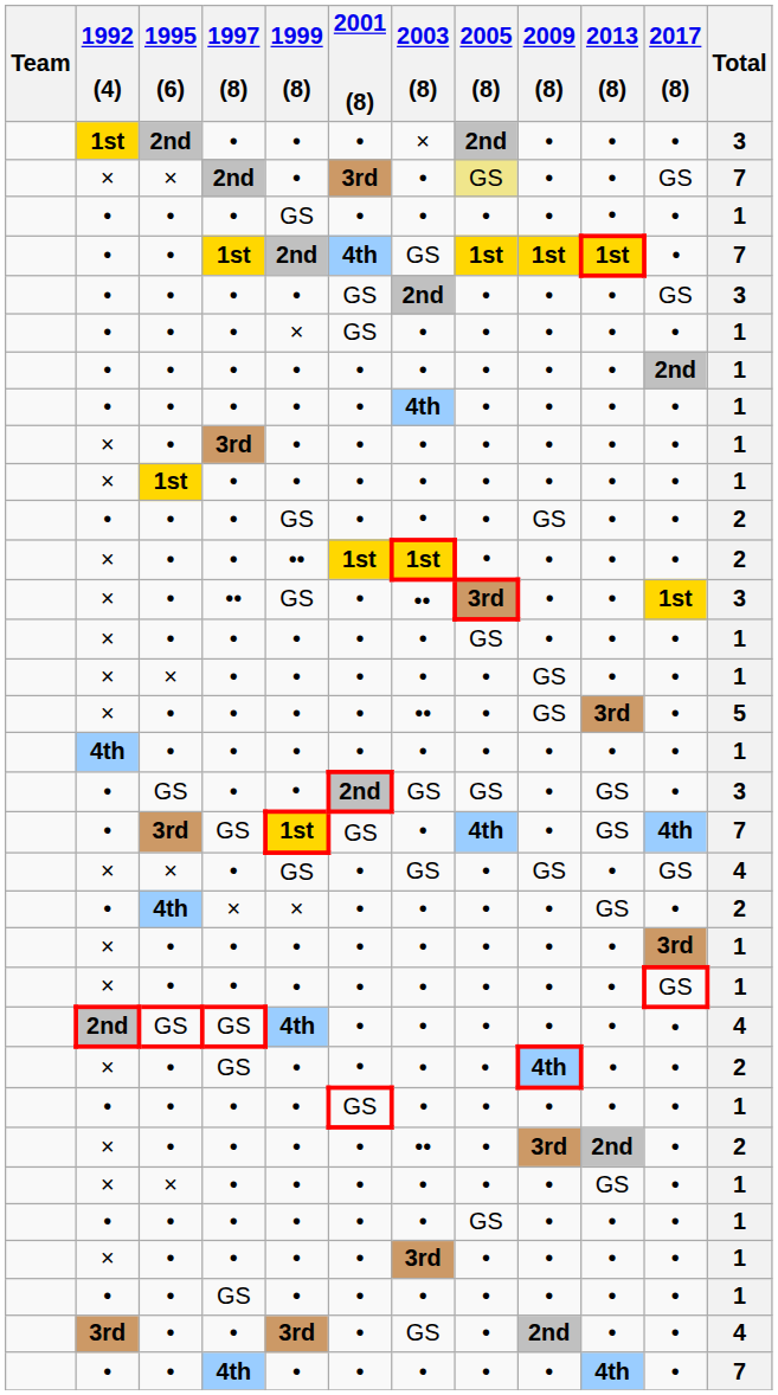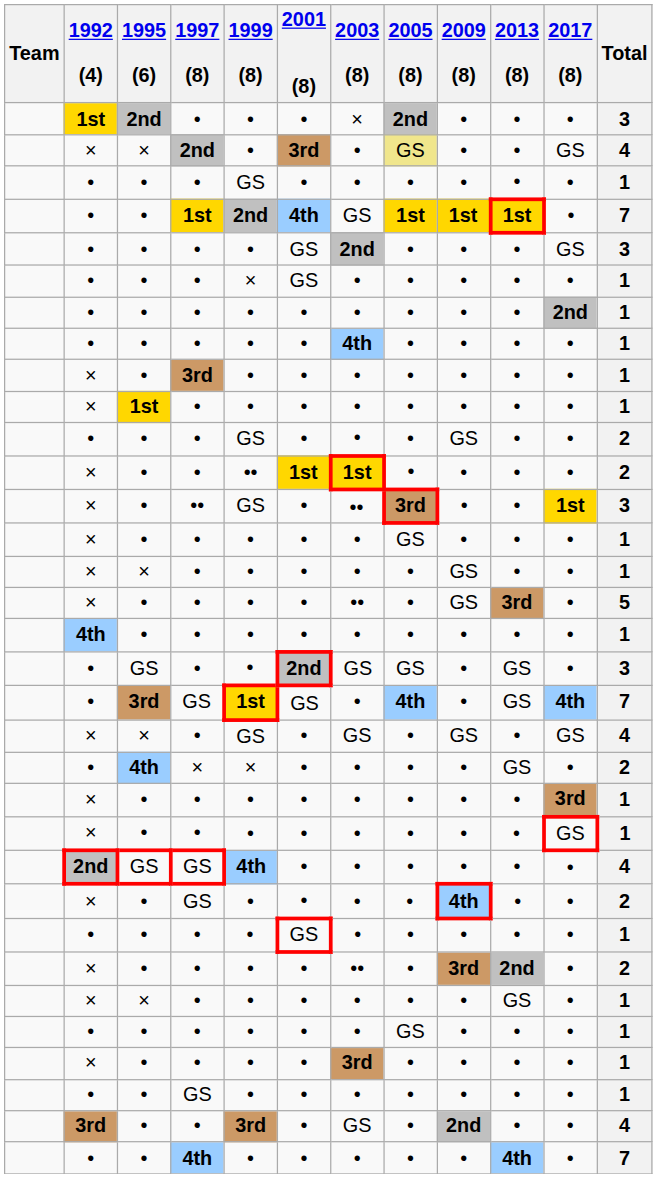 <table class="wikitable" style="text-align: center">
 <tr>
 <th>Team</th>
 <th><a href='#'>1992</a><br><br>(4)</th>
 <th><a href='#'>1995</a><br><br>(6)</th>
 <th><a href='#'>1997</a><br><br>(8)</th>
 <th><a href='#'>1999</a><br><br>(8)</th>
 <th><a href='#'>2001</a><br><br><br>(8)</th>
 <th><a href='#'>2003</a><br><br>(8)</th>
 <th><a href='#'>2005</a><br><br>(8)</th>
 <th><a href='#'>2009</a><br><br>(8)</th>
 <th><a href='#'>2013</a><br><br>(8)</th>
 <th><a href='#'>2017</a><br><br>(8)</th>
 <th>Total</th>
 </tr>
 <tr>
 <td align="left"></td>
 <td bgcolor="Gold"><strong>1st</strong></td>
 <td bgcolor="Silver"><strong>2nd</strong></td>
 <td>•</td>
 <td>•</td>
 <td>•</td>
 <td>×</td>
 <td bgcolor="Silver"><strong>2nd</strong></td>
 <td>•</td>
 <td>•</td>
 <td>•</td>
 <th>3</th>
 </tr>
 <tr>
 <td align=left></td>
 <td>×</td>
 <td>×</td>
 <td bgcolor=Silver><strong>2nd</strong></td>
 <td>•</td>
 <td bgcolor=cc9966><strong>3rd</strong></td>
 <td>•</td>
 <td style="background: khaki;">GS</td>
 <td>•</td>
 <td>•</td>
 <td>GS</td>
-<th>7</th>
+<th>4</th>
 </tr>
 <tr>
 <td align="left"></td>
 <td>•</td>
 <td>•</td>
 <td>•</td>
 <td>GS</td>
 <td>•</td>
 <td>•</td>
 <td>•</td>
 <td>•</td>
 <td>•</td>
 <td>•</td>
 <th>1</th>
 </tr>
 <tr>
 <td align="left"></td>
 <td>•</td>
 <td>•</td>
 <td bgcolor="Gold"><strong>1st</strong></td>
 <td bgcolor="Silver"><strong>2nd</strong></td>
 <td bgcolor="9acdff"><strong>4th</strong></td>
 <td>GS</td>
 <td bgcolor="Gold"><strong>1st</strong></td>
 <td bgcolor="Gold"><strong>1st</strong></td>
 <td style="border:3px solid red" bgcolor="Gold"><strong>1st</strong></td>
 <td>•</td>
 <th>7</th>
 </tr>
 <tr>
 <td align="left"></td>
 <td>•</td>
 <td>•</td>
 <td>•</td>
 <td>•</td>
 <td>GS</td>
 <td bgcolor="Silver"><strong>2nd</strong></td>
 <td>•</td>
 <td>•</td>
 <td>•</td>
 <td>GS</td>
 <th>3</th>
 </tr>
 <tr>
 <td align="left"></td>
 <td>•</td>
 <td>•</td>
 <td>•</td>
 <td>×</td>
 <td>GS</td>
 <td>•</td>
 <td>•</td>
 <td>•</td>
 <td>•</td>
 <td>•</td>
 <th>1</th>
 </tr>
 <tr>
 <td align="left"></td>
 <td>•</td>
 <td>•</td>
 <td>•</td>
 <td>•</td>
 <td>•</td>
 <td>•</td>
 <td>•</td>
 <td>•</td>
 <td>•</td>
 <td bgcolor="Silver"><strong>2nd</strong></td>
 <th>1</th>
 </tr>
 <tr>
 <td align="left"></td>
 <td>•</td>
 <td>•</td>
 <td>•</td>
 <td>•</td>
 <td>•</td>
 <td bgcolor="9acdff"><strong>4th</strong></td>
 <td>•</td>
 <td>•</td>
 <td>•</td>
 <td>•</td>
 <th>1</th>
 </tr>
 <tr>
 <td align="left"></td>
 <td>×</td>
 <td>•</td>
 <td bgcolor="cc9966"><strong>3rd</strong></td>
 <td>•</td>
 <td>•</td>
 <td>•</td>
 <td>•</td>
 <td>•</td>
 <td>•</td>
 <td>•</td>
 <th>1</th>
 </tr>
 <tr>
 <td align="left"></td>
 <td>×</td>
 <td bgcolor="Gold"><strong>1st</strong></td>
 <td>•</td>
 <td>•</td>
 <td>•</td>
 <td>•</td>
 <td>•</td>
 <td>•</td>
 <td>•</td>
 <td>•</td>
 <th>1</th>
 </tr>
 <tr>
 <td align="left"></td>
 <td>•</td>
 <td>•</td>
 <td>•</td>
 <td>GS</td>
 <td>•</td>
 <td>•</td>
 <td>•</td>
 <td>GS</td>
 <td>•</td>
 <td>•</td>
 <th>2</th>
 </tr>
 <tr>
 <td align="left"></td>
 <td>×</td>
 <td>•</td>
 <td>•</td>
 <td>••</td>
 <td bgcolor="Gold"><strong>1st</strong></td>
 <td style="border:3px solid red" bgcolor="Gold"><strong>1st</strong></td>
 <td>•</td>
 <td>•</td>
 <td>•</td>
 <td>•</td>
 <th>2</th>
 </tr>
 <tr>
 <td align="left"></td>
 <td>×</td>
 <td>•</td>
 <td>••</td>
 <td>GS</td>
 <td>•</td>
 <td>••</td>
 <td style="border:3px solid red" bgcolor="cc9966"><strong>3rd</strong></td>
 <td>•</td>
 <td>•</td>
 <td bgcolor="Gold"><strong>1st</strong></td>
 <th>3</th>
 </tr>
 <tr>
 <td align="left"></td>
 <td>×</td>
 <td>•</td>
 <td>•</td>
 <td>•</td>
 <td>•</td>
 <td>•</td>
 <td>GS</td>
 <td>•</td>
 <td>•</td>
 <td>•</td>
 <th>1</th>
 </tr>
 <tr>
 <td align=left></td>
 <td>×</td>
 <td>×</td>
 <td>•</td>
 <td>•</td>
 <td>•</td>
 <td>•</td>
 <td>•</td>
 <td>GS</td>
 <td>•</td>
 <td>•</td>
 <th>1</th>
 </tr>
 <tr>
 <td align="left"></td>
 <td>×</td>
 <td>•</td>
 <td>•</td>
 <td>•</td>
 <td>•</td>
 <td>••</td>
 <td>•</td>
 <td>GS</td>
 <td bgcolor="cc9966"><strong>3rd</strong></td>
 <td>•</td>
 <th>5</th>
 </tr>
 <tr>
 <td align="left"></td>
 <td bgcolor="9acdff"><strong>4th</strong></td>
 <td>•</td>
 <td>•</td>
 <td>•</td>
 <td>•</td>
 <td>•</td>
 <td>•</td>
 <td>•</td>
 <td>•</td>
 <td>•</td>
 <th>1</th>
 </tr>
 <tr>
 <td align=left></td>
 <td>•</td>
 <td>GS</td>
 <td>•</td>
 <td>•</td>
 <td style="border:3px solid red"  bgcolor=Silver><strong>2nd</strong></td>
 <td>GS</td>
 <td>GS</td>
 <td>•</td>
 <td>GS</td>
 <td>•</td>
 <th>3</th>
 </tr>
 <tr>
 <td align="left"></td>
 <td>•</td>
 <td bgcolor="cc9966"><strong>3rd</strong></td>
 <td>GS</td>
 <td style="border:3px solid red" bgcolor="Gold"><strong>1st</strong></td>
 <td>GS</td>
 <td>•</td>
 <td bgcolor="9acdff"><strong>4th</strong></td>
 <td>•</td>
 <td>GS</td>
 <td bgcolor="9acdff"><strong>4th</strong></td>
 <th>7</th>
 </tr>
 <tr>
 <td align="left"></td>
 <td>×</td>
 <td>×</td>
 <td>•</td>
 <td>GS</td>
 <td>•</td>
 <td>GS</td>
 <td>•</td>
 <td>GS</td>
 <td>•</td>
 <td>GS</td>
 <th>4</th>
 </tr>
 <tr>
 <td align="left"></td>
 <td>•</td>
 <td bgcolor="9acdff"><strong>4th</strong></td>
 <td>×</td>
 <td>×</td>
 <td>•</td>
 <td>•</td>
 <td>•</td>
 <td>•</td>
 <td>GS</td>
 <td>•</td>
 <th>2</th>
 </tr>
 <tr>
 <td align="left"></td>
 <td>×</td>
 <td>•</td>
 <td>•</td>
 <td>•</td>
 <td>•</td>
 <td>•</td>
 <td>•</td>
 <td>•</td>
 <td>•</td>
 <td bgcolor="cc9966"><strong>3rd</strong></td>
 <th>1</th>
 </tr>
 <tr>
 <td align="left"></td>
 <td>×</td>
 <td>•</td>
 <td>•</td>
 <td>•</td>
 <td>•</td>
 <td>•</td>
 <td>•</td>
 <td>•</td>
 <td>•</td>
 <td style="border:3px solid red">GS</td>
 <th>1</th>
 </tr>
 <tr>
 <td align=left></td>
 <td style="border:3px solid red" bgcolor=Silver><strong>2nd</strong></td>
 <td style="border:3px solid red">GS</td>
 <td style="border:3px solid red">GS</td>
 <td bgcolor=9acdff><strong>4th</strong></td>
 <td>•</td>
 <td>•</td>
 <td>•</td>
 <td>•</td>
 <td>•</td>
 <td>•</td>
 <th>4</th>
 </tr>
 <tr>
 <td align="left"></td>
 <td>×</td>
 <td>•</td>
 <td>GS</td>
 <td>•</td>
 <td>•</td>
 <td>•</td>
 <td>•</td>
 <td style="border:3px solid red" bgcolor="9acdff"><strong>4th</strong></td>
 <td>•</td>
 <td>•</td>
 <th>2</th>
 </tr>
 <tr>
 <td align=left></td>
 <td>•</td>
 <td>•</td>
 <td>•</td>
 <td>•</td>
 <td style="border:3px solid red">GS</td>
 <td>•</td>
 <td>•</td>
 <td>•</td>
 <td>•</td>
 <td>•</td>
 <th>1</th>
 </tr>
 <tr>
 <td align="left"></td>
 <td>×</td>
 <td>•</td>
 <td>•</td>
 <td>•</td>
 <td>•</td>
 <td>••</td>
 <td>•</td>
 <td bgcolor="cc9966"><strong>3rd</strong></td>
 <td bgcolor="Silver"><strong>2nd</strong></td>
 <td>•</td>
 <th>2</th>
 </tr>
 <tr>
 <td align="left"></td>
 <td>×</td>
 <td>×</td>
 <td>•</td>
 <td>•</td>
 <td>•</td>
 <td>•</td>
 <td>•</td>
 <td>•</td>
 <td>GS</td>
 <td>•</td>
 <th>1</th>
 </tr>
 <tr>
 <td align="left"></td>
 <td>•</td>
 <td>•</td>
 <td>•</td>
 <td>•</td>
 <td>•</td>
 <td>•</td>
 <td>GS</td>
 <td>•</td>
 <td>•</td>
 <td>•</td>
 <th>1</th>
 </tr>
 <tr>
 <td align="left"></td>
 <td>×</td>
 <td>•</td>
 <td>•</td>
 <td>•</td>
 <td>•</td>
 <td bgcolor="cc9966"><strong>3rd</strong></td>
 <td>•</td>
 <td>•</td>
 <td>•</td>
 <td>•</td>
 <th>1</th>
 </tr>
 <tr>
 <td align=left></td>
 <td>•</td>
 <td>•</td>
 <td>GS</td>
 <td>•</td>
 <td>•</td>
 <td>•</td>
 <td>•</td>
 <td>•</td>
 <td>•</td>
 <td>•</td>
 <th>1</th>
 </tr>
 <tr>
 <td align=left></td>
 <td bgcolor=cc9966><strong>3rd</strong></td>
 <td>•</td>
 <td>•</td>
 <td bgcolor=cc9966><strong>3rd</strong></td>
 <td>•</td>
 <td>GS</td>
 <td>•</td>
 <td bgcolor=Silver><strong>2nd</strong></td>
 <td>•</td>
 <td>•</td>
 <th>4</th>
 </tr>
 <tr>
 <td align=left></td>
 <td>•</td>
 <td>•</td>
 <td bgcolor=9acdff><strong>4th</strong></td>
 <td>•</td>
 <td>•</td>
 <td>•</td>
 <td>•</td>
 <td>•</td>
 <td bgcolor=9acdff><strong>4th</strong></td>
 <td>•</td>
 <th>7</th>
 </tr>
 </table>
